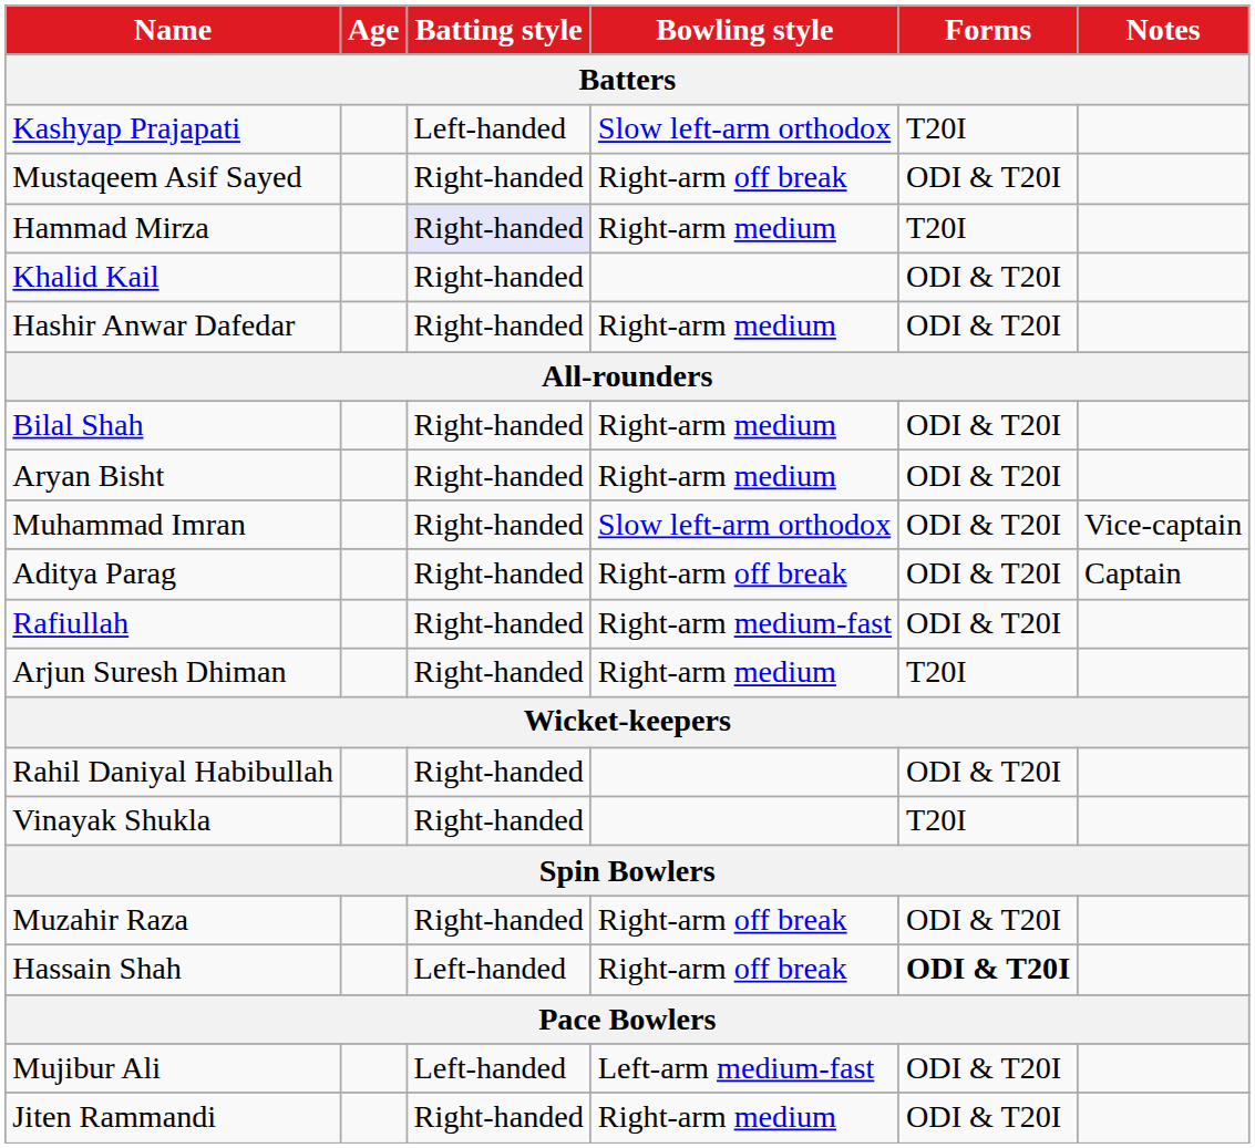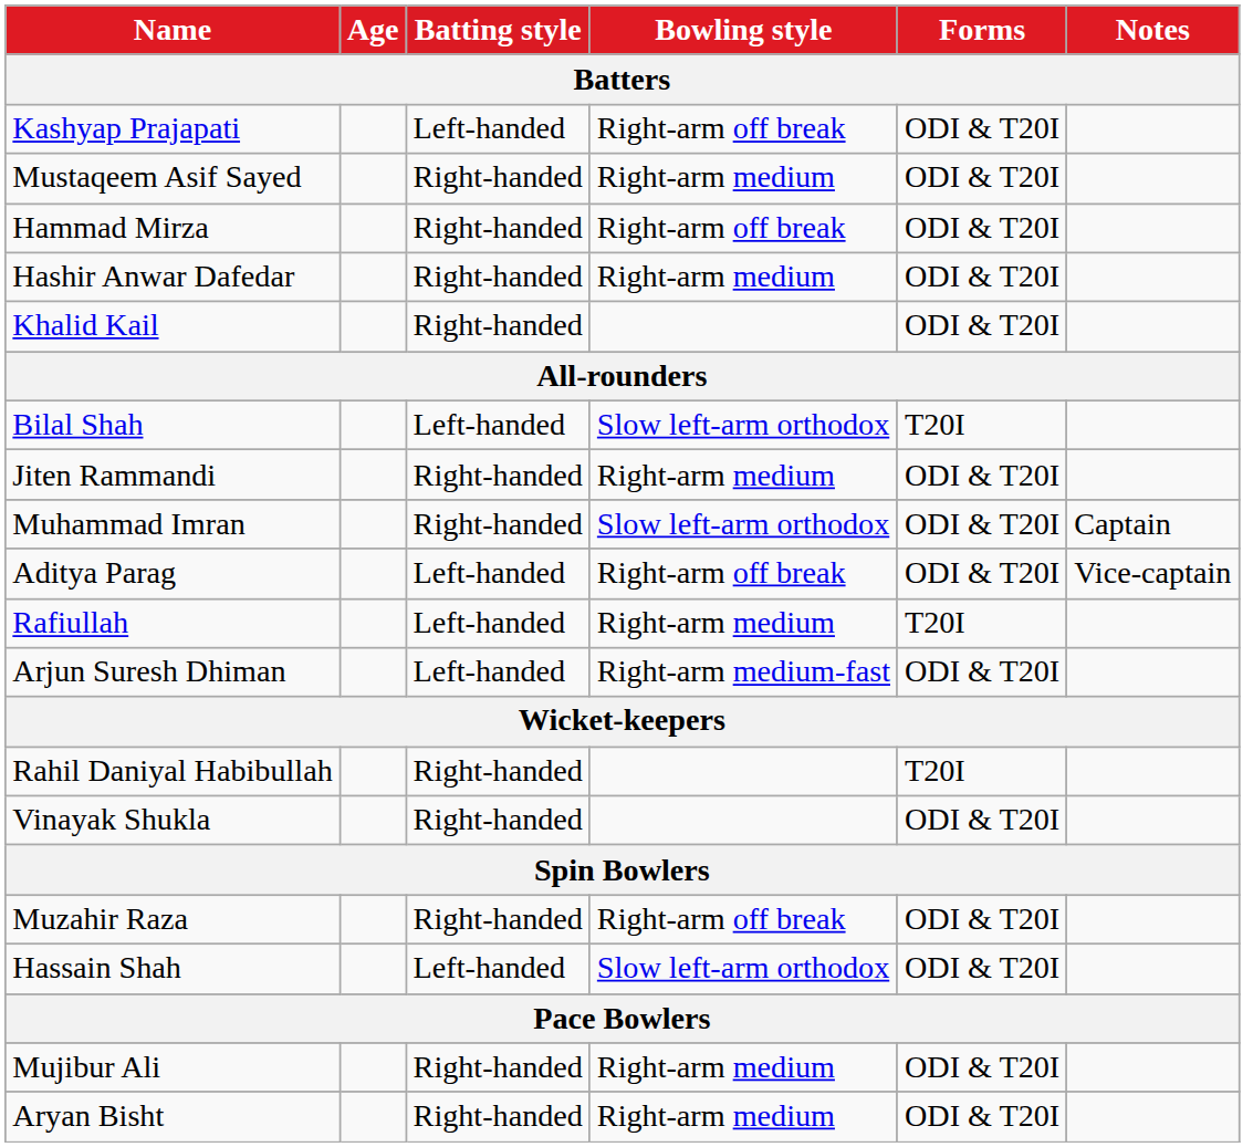 <table class="wikitable">
 <tr>
 <th style="text-align:center; background:#DF1A23; color:white;">Name</th>
 <th style="text-align:center; background:#DF1A23; color:white;">Age</th>
 <th style="text-align:center; background:#DB1A23; color:white;">Batting style</th>
 <th style="text-align:center; background:#DF1A23; color:white;">Bowling style</th>
 <th style="text-align:center; background:#DF1A23; color:white;">Forms</th>
 <th style="text-align:center; background:#DF1A23; color:white;">Notes</th>
 </tr>
 <tr>
 <th colspan="6">Batters</th>
 </tr>
 <tr>
 <td><a href='#'>Kashyap Prajapati</a></td>
 <td></td>
 <td>Left-handed</td>
-<td><a href='#'>Slow left-arm orthodox</a></td>
-<td>T20I</td>
+<td>Right-arm <a href='#'>off break</a></td>
+<td>ODI & T20I</td>
 <td></td>
 </tr>
 <tr>
 <td>Mustaqeem Asif Sayed</td>
 <td></td>
 <td>Right-handed</td>
-<td>Right-arm <a href='#'>off break</a></td>
+<td>Right-arm <a href='#'>medium</a></td>
 <td>ODI & T20I</td>
 <td></td>
 </tr>
 <tr>
 <td>Hammad Mirza</td>
 <td></td>
-<td style="background: lavender;">Right-handed</td>
-<td>Right-arm <a href='#'>medium</a></td>
-<td>T20I</td>
-<td></td>
-</tr>
-<tr>
-<td><a href='#'>Khalid Kail</a></td>
-<td></td>
 <td>Right-handed</td>
-<td></td>
+<td>Right-arm <a href='#'>off break</a></td>
 <td>ODI & T20I</td>
 <td></td>
 </tr>
 <tr>
 <td>Hashir Anwar Dafedar</td>
 <td></td>
 <td>Right-handed</td>
 <td>Right-arm <a href='#'>medium</a></td>
 <td>ODI & T20I</td>
 <td></td>
 </tr>
 <tr>
+<td><a href='#'>Khalid Kail</a></td>
+<td></td>
+<td>Right-handed</td>
+<td></td>
+<td>ODI & T20I</td>
+<td></td>
+</tr>
+<tr>
 <th colspan="6">All-rounders</th>
 </tr>
 <tr>
 <td><a href='#'>Bilal Shah</a></td>
 <td></td>
-<td>Right-handed</td>
-<td>Right-arm <a href='#'>medium</a></td>
-<td>ODI & T20I</td>
+<td>Left-handed</td>
+<td><a href='#'>Slow left-arm orthodox</a></td>
+<td>T20I</td>
 <td></td>
 </tr>
 <tr>
-<td>Aryan Bisht</td>
+<td>Jiten Rammandi</td>
 <td></td>
 <td>Right-handed</td>
 <td>Right-arm <a href='#'>medium</a></td>
 <td>ODI & T20I</td>
 <td></td>
 </tr>
 <tr>
 <td>Muhammad Imran</td>
 <td></td>
 <td>Right-handed</td>
 <td><a href='#'>Slow left-arm orthodox</a></td>
 <td>ODI & T20I</td>
-<td>Vice-captain</td>
+<td>Captain</td>
 </tr>
 <tr>
 <td>Aditya Parag</td>
 <td></td>
-<td>Right-handed</td>
+<td>Left-handed</td>
 <td>Right-arm <a href='#'>off break</a></td>
 <td>ODI & T20I</td>
-<td>Captain</td>
+<td>Vice-captain</td>
 </tr>
 <tr>
 <td><a href='#'>Rafiullah</a></td>
 <td></td>
-<td>Right-handed</td>
-<td>Right-arm <a href='#'>medium-fast</a></td>
-<td>ODI & T20I</td>
+<td>Left-handed</td>
+<td>Right-arm <a href='#'>medium</a></td>
+<td>T20I</td>
 <td></td>
 </tr>
 <tr>
 <td>Arjun Suresh Dhiman</td>
 <td></td>
-<td>Right-handed</td>
-<td>Right-arm <a href='#'>medium</a></td>
-<td>T20I</td>
+<td>Left-handed</td>
+<td>Right-arm <a href='#'>medium-fast</a></td>
+<td>ODI & T20I</td>
 <td></td>
 </tr>
 <tr>
 <th colspan="6">Wicket-keepers</th>
 </tr>
 <tr>
 <td>Rahil Daniyal Habibullah</td>
 <td></td>
 <td>Right-handed</td>
 <td></td>
-<td>ODI & T20I</td>
+<td>T20I</td>
 <td></td>
 </tr>
 <tr>
 <td>Vinayak Shukla</td>
 <td></td>
 <td>Right-handed</td>
 <td></td>
-<td>T20I</td>
+<td>ODI & T20I</td>
 <td></td>
 </tr>
 <tr>
 <th colspan="6">Spin Bowlers</th>
 </tr>
 <tr>
 <td>Muzahir Raza</td>
 <td></td>
 <td>Right-handed</td>
 <td>Right-arm <a href='#'>off break</a></td>
 <td>ODI & T20I</td>
 <td></td>
 </tr>
 <tr>
 <td>Hassain Shah</td>
 <td></td>
 <td>Left-handed</td>
-<td>Right-arm <a href='#'>off break</a></td>
-<td><strong>ODI & T20I</strong></td>
+<td><a href='#'>Slow left-arm orthodox</a></td>
+<td>ODI & T20I</td>
 <td></td>
 </tr>
 <tr>
 <th colspan="6">Pace Bowlers</th>
 </tr>
 <tr>
 <td>Mujibur Ali</td>
 <td></td>
-<td>Left-handed</td>
-<td>Left-arm <a href='#'>medium-fast</a></td>
+<td>Right-handed</td>
+<td>Right-arm <a href='#'>medium</a></td>
 <td>ODI & T20I</td>
 <td></td>
 </tr>
 <tr>
-<td>Jiten Rammandi</td>
+<td>Aryan Bisht</td>
 <td></td>
 <td>Right-handed</td>
 <td>Right-arm <a href='#'>medium</a></td>
 <td>ODI & T20I</td>
 <td></td>
 </tr>
 </table>
